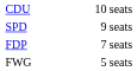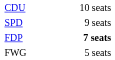 <table cellpadding="2" style="width:180px; text-align:right; white-space:nowrap;">
 <tr>
 <td style="text-align:left;"><a href='#'>CDU</a></td>
 <td>10 seats</td>
 </tr>
 <tr>
 <td style="text-align:left;"><a href='#'>SPD</a></td>
 <td>9 seats</td>
 </tr>
 <tr>
 <td style="text-align:left;"><a href='#'>FDP</a></td>
-<td>7 seats</td>
+<td><strong>7 seats</strong></td>
 </tr>
 <tr>
 <td style="text-align:left;">FWG</td>
 <td>5 seats</td>
 </tr>
 </table>
